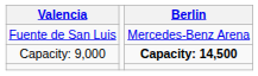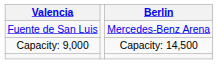 <table class="wikitable" style="margin:1em auto; text-align:center">
 <tr>
 <th><a href='#'>Valencia</a></th>
 <td rowspan=4></td>
 <th><a href='#'>Berlin</a></th>
 </tr>
 <tr>
 <td><a href='#'>Fuente de San Luis</a></td>
 <td><a href='#'>Mercedes-Benz Arena</a></td>
 </tr>
 <tr>
 <td>Capacity: 9,000</td>
-<td><strong>Capacity: 14,500</strong></td>
+<td>Capacity: 14,500</td>
 </tr>
 <tr>
 <td></td>
 <td></td>
 </tr>
 </table>
